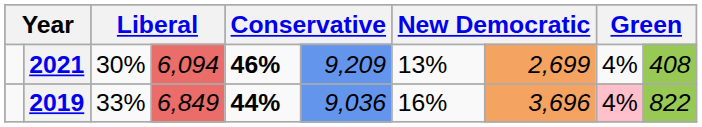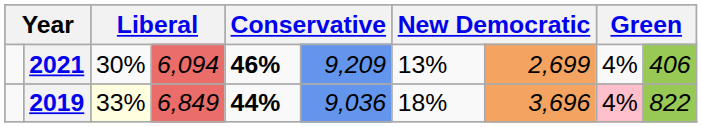 <table class="wikitable" style=" width:400; font-size:90%; margin-left:1em;">
 <tr>
 <th colspan="2" scope="col">Year</th>
 <th colspan="2" scope="col"><a href='#'>Liberal</a></th>
 <th colspan="2" scope="col"><a href='#'>Conservative</a></th>
 <th colspan="2" scope="col"><a href='#'>New Democratic</a></th>
 <th colspan="2" scope="col"><a href='#'>Green</a></th>
 </tr>
 <tr>
 <td style="width: 0.25em; background-color: "></td>
 <th><a href='#'>2021</a></th>
 <td>30%</td>
 <td style="text-align:right; background:#EA6D6A;"><em>6,094</em></td>
 <td><strong>46%</strong></td>
 <td style="text-align:right; background:#6495ED;"><em>9,209</em></td>
 <td>13%</td>
 <td style="text-align:right; background:#F4A460;"><em>2,699</em></td>
 <td>4%</td>
-<td style="text-align:right; background:#99C955;"><em>408</em></td>
+<td style="text-align:right; background:#99C955;"><em>406</em></td>
 </tr>
 <tr>
 <td style="width: 0.25em; background-color: "></td>
 <th><a href='#'>2019</a></th>
-<td>33%</td>
+<td style="background: lightyellow;">33%</td>
 <td style="text-align:right; background:#EA6D6A;"><em>6,849</em></td>
 <td><strong>44%</strong></td>
 <td style="text-align:right; background:#6495ED;"><em>9,036</em></td>
-<td>16%</td>
+<td>18%</td>
 <td style="text-align:right; background:#F4A460;"><em>3,696</em></td>
 <td style="background: pink;">4%</td>
 <td style="text-align:right; background:#99C955;"><em>822</em></td>
 </tr>
 </table>
